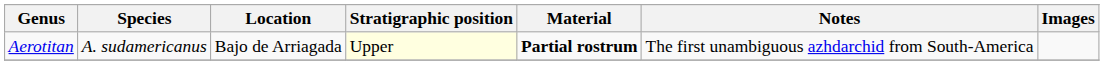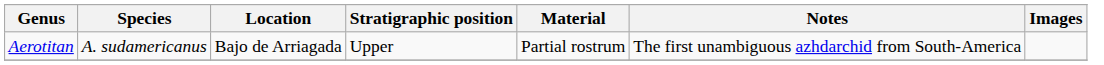 <table class="wikitable" align="center">
 <tr>
 </tr>
 <tr>
 <th>Genus</th>
 <th>Species</th>
 <th>Location</th>
 <th>Stratigraphic position</th>
 <th>Material</th>
 <th>Notes</th>
 <th>Images</th>
 </tr>
 <tr>
 <td><em><a href='#'>Aerotitan</a></em></td>
 <td><em>A. sudamericanus</em></td>
 <td>Bajo de Arriagada</td>
-<td style="background: lightyellow;">Upper</td>
-<td><strong>Partial rostrum</strong></td>
+<td>Upper</td>
+<td>Partial rostrum</td>
 <td>The first unambiguous <a href='#'>azhdarchid</a> from South-America</td>
 <td></td>
 </tr>
 <tr>
 </tr>
 </table>
